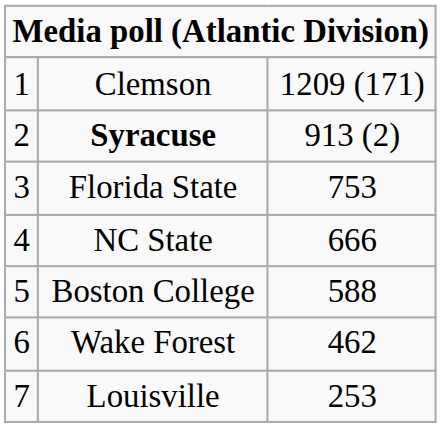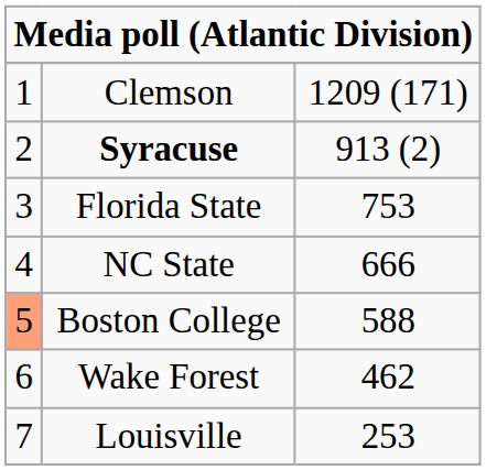 <table class="wikitable" style="display: inline-table;">
 <tr>
 <td align="center" Colspan="3"><strong>Media poll (Atlantic Division)</strong></td>
 </tr>
 <tr align="center">
 </tr>
 <tr align="center">
 <td>1</td>
 <td>Clemson</td>
 <td>1209 (171)</td>
 </tr>
 <tr align="center">
 <td>2</td>
 <td><strong>Syracuse</strong></td>
 <td>913 (2)</td>
 </tr>
 <tr align="center">
 <td>3</td>
 <td>Florida State</td>
 <td>753</td>
 </tr>
 <tr align="center">
 <td>4</td>
 <td>NC State</td>
 <td>666</td>
 </tr>
 <tr align="center">
-<td>5</td>
+<td style="background: lightsalmon;">5</td>
 <td>Boston College</td>
 <td>588</td>
 </tr>
 <tr align="center">
 <td>6</td>
 <td>Wake Forest</td>
 <td>462</td>
 </tr>
 <tr align="center">
 <td>7</td>
 <td>Louisville</td>
 <td>253</td>
 </tr>
 </table>
